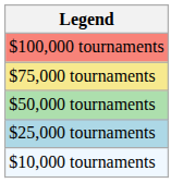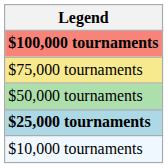 <table class=wikitable style="font-size:85%;">
 <tr>
 <th>Legend</th>
 </tr>
 <tr style="background:#f88379;">
-<td>$100,000 tournaments</td>
+<td><strong>$100,000 tournaments</strong></td>
 </tr>
 <tr style="background:#f7e98e;">
 <td>$75,000 tournaments</td>
 </tr>
 <tr style="background:#addfad;">
 <td>$50,000 tournaments</td>
 </tr>
 <tr style="background:lightblue;">
-<td>$25,000 tournaments</td>
+<td><strong>$25,000 tournaments</strong></td>
 </tr>
 <tr style="background:#f0f8ff;">
 <td>$10,000 tournaments</td>
 </tr>
 </table>
